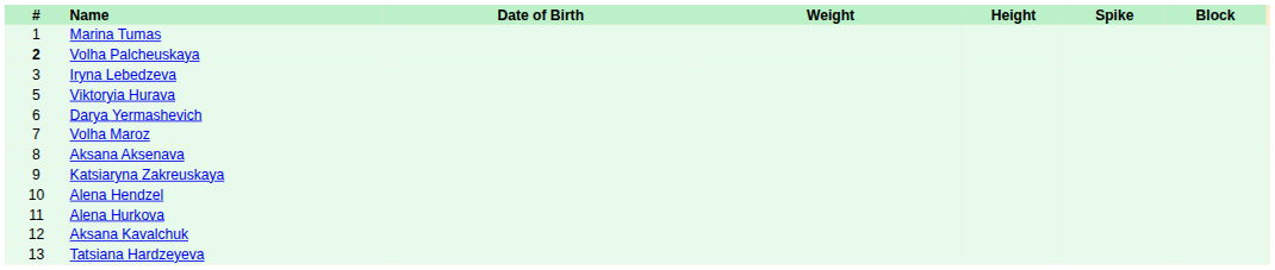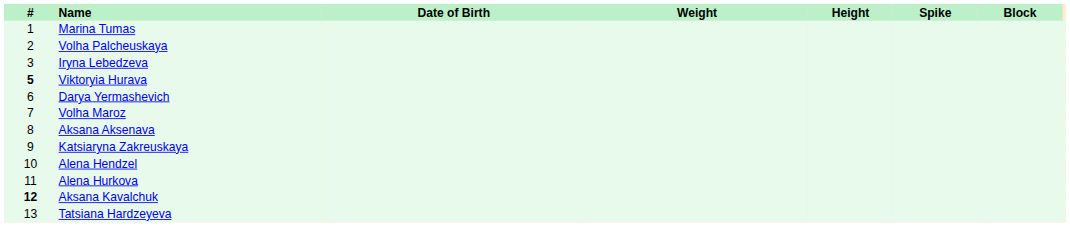 <table border=0 cellpadding=2 cellspacing=0  |- bgcolor=#FFECCE style="text-align:center; font-size:90%;" width=100%>
 <tr bgcolor=#BBF0C9>
 <th width=5%>#</th>
 <th width=25% align=left>Name</th>
 <th width=25%>Date of Birth</th>
 <th width=21%>Weight</th>
 <th width=8%>Height</th>
 <th width=8%>Spike</th>
 <th width=8%>Block</th>
 </tr>
 <tr bgcolor=#E7FAEC>
 <td>1</td>
 <td align=left><a href='#'>Marina Tumas</a></td>
 <td></td>
 <td></td>
 <td></td>
 <td></td>
 <td></td>
 <td></td>
 </tr>
 <tr bgcolor=#E7FAEC>
-<td><strong>2</strong></td>
+<td>2</td>
 <td align=left><a href='#'>Volha Palcheuskaya</a></td>
 <td></td>
 <td></td>
 <td></td>
 <td></td>
 <td></td>
 <td></td>
 </tr>
 <tr bgcolor=#E7FAEC>
 <td>3</td>
 <td align=left><a href='#'>Iryna Lebedzeva</a></td>
 <td></td>
 <td></td>
 <td></td>
 <td></td>
 <td></td>
 <td></td>
 </tr>
 <tr bgcolor=#E7FAEC>
-<td>5</td>
+<td><strong>5</strong></td>
 <td align=left><a href='#'>Viktoryia Hurava</a></td>
 <td></td>
 <td></td>
 <td></td>
 <td></td>
 <td></td>
 <td></td>
 </tr>
 <tr bgcolor=#E7FAEC>
 <td>6</td>
 <td align=left><a href='#'>Darya Yermashevich</a></td>
 <td></td>
 <td></td>
 <td></td>
 <td></td>
 <td></td>
 <td></td>
 </tr>
 <tr bgcolor=#E7FAEC>
 <td>7</td>
 <td align=left><a href='#'>Volha Maroz</a></td>
 <td></td>
 <td></td>
 <td></td>
 <td></td>
 <td></td>
 <td></td>
 </tr>
 <tr bgcolor=#E7FAEC>
 <td>8</td>
 <td align=left><a href='#'>Aksana Aksenava</a></td>
 <td></td>
 <td></td>
 <td></td>
 <td></td>
 <td></td>
 <td></td>
 </tr>
 <tr bgcolor=#E7FAEC>
 <td>9</td>
 <td align=left><a href='#'>Katsiaryna Zakreuskaya</a></td>
 <td></td>
 <td></td>
 <td></td>
 <td></td>
 <td></td>
 <td></td>
 </tr>
 <tr bgcolor=#E7FAEC>
 <td>10</td>
 <td align=left><a href='#'>Alena Hendzel</a></td>
 <td></td>
 <td></td>
 <td></td>
 <td></td>
 <td></td>
 <td></td>
 </tr>
 <tr bgcolor=#E7FAEC>
 <td>11</td>
 <td align=left><a href='#'>Alena Hurkova</a></td>
 <td></td>
 <td></td>
 <td></td>
 <td></td>
 <td></td>
 <td></td>
 </tr>
 <tr bgcolor=#E7FAEC>
-<td>12</td>
+<td><strong>12</strong></td>
 <td align=left><a href='#'>Aksana Kavalchuk</a></td>
 <td></td>
 <td></td>
 <td></td>
 <td></td>
 <td></td>
 <td></td>
 </tr>
 <tr bgcolor=#E7FAEC>
 <td>13</td>
 <td align=left><a href='#'>Tatsiana Hardzeyeva</a></td>
 <td></td>
 <td></td>
 <td></td>
 <td></td>
 <td></td>
 <td></td>
 </tr>
 </table>
